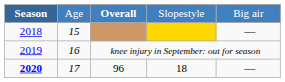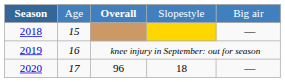 <table class="wikitable" style="font-size:95%; text-align:center; border:grey solid 1px; border-collapse:collapse;" width="30%">
 <tr style="background-color:#369; color:white;">
 <td rowspan="2" colspan="1" width="5%"><strong>Season</strong></td>
 </tr>
 <tr style="background-color:#4180be; color:white;">
 <td width="3%">Age</td>
 <td width="5%"><strong>Overall</strong></td>
 <td width="6%">Slopestyle</td>
 <td width="11%">Big air</td>
 </tr>
 <tr style="background-color:#8CB2D8; color:white;">
 </tr>
 <tr>
 <td><a href='#'>2018</a></td>
 <td><em>15</em></td>
 <td style="background:#c96;"></td>
 <td style="background:gold;"></td>
 <td> —</td>
 </tr>
 <tr>
 <td><a href='#'>2019</a></td>
 <td><em>16</em></td>
 <td colspan=3><small><em>knee injury in September: out for season</em></small></td>
 </tr>
 <tr>
-<td><strong><a href='#'>2020</a></strong></td>
+<td><a href='#'>2020</a></td>
 <td><em>17</em></td>
 <td>96</td>
 <td>18</td>
 <td> —</td>
 </tr>
 </table>
